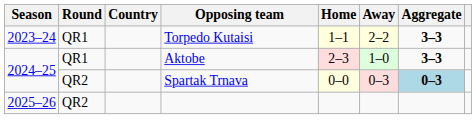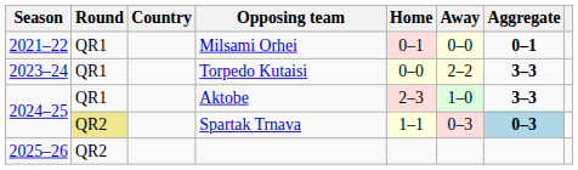 <table class="wikitable">
 <tr>
 <th>Season</th>
 <th>Round</th>
 <th>Country</th>
 <th width=175>Opposing team</th>
 <th>Home</th>
 <th>Away</th>
 <th>Aggregate</th>
 <th></th>
 </tr>
 <tr>
+<td><a href='#'>2021–22</a></td>
+<td>QR1</td>
+<td></td>
+<td><a href='#'>Milsami Orhei</a></td>
+<td style="text-align:center; background:#fdd;">0–1</td>
+<td style="text-align:center; background:#ffd;">0–0</td>
+<td style="text-align:center;"><strong>0–1</strong></td>
+<td></td>
+</tr>
+<tr>
 <td><a href='#'>2023–24</a></td>
 <td>QR1</td>
 <td></td>
 <td><a href='#'>Torpedo Kutaisi</a></td>
-<td style="text-align:center; background:#ffd;">1–1</td>
+<td style="text-align:center; background:#ffd;">0–0</td>
 <td style="text-align:center; background:#ffd;">2–2</td>
 <td style="text-align:center;"><strong>3–3 </strong></td>
 <td></td>
 </tr>
 <tr>
 <td rowspan="2"><a href='#'>2024–25</a></td>
 <td>QR1</td>
 <td></td>
 <td><a href='#'>Aktobe</a></td>
 <td style="text-align:center; background:#fdd;">2–3</td>
 <td style="text-align:center; background:#dfd;">1–0</td>
 <td style="text-align:center;"><strong>3–3 </strong></td>
 <td></td>
 </tr>
 <tr>
-<td>QR2</td>
+<td style="background: khaki;">QR2</td>
 <td></td>
 <td><a href='#'>Spartak Trnava</a></td>
-<td style="text-align:center; background:#ffd;">0–0</td>
+<td style="text-align:center; background:#ffd;">1–1</td>
 <td style="text-align:center; background:#fdd;">0–3</td>
 <td style="background: lightblue; text-align:center;"><strong>0–3</strong></td>
 <td></td>
 </tr>
 <tr>
 <td><a href='#'>2025–26</a></td>
 <td>QR2</td>
 <td></td>
 <td></td>
 <td style="text-align:center;"></td>
 <td style="text-align:center;"></td>
 <td style="text-align:center;"></td>
 <td></td>
 </tr>
 </table>
